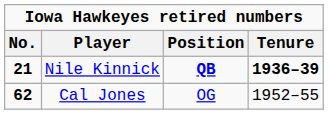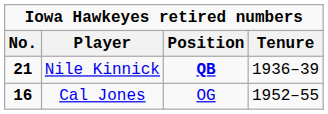 <table class="wikitable sortable" style="text-align:center">
 <tr>
 <td colspan="4"><strong>Iowa Hawkeyes retired numbers</strong></td>
 </tr>
 <tr>
 <th>No.</th>
 <th>Player</th>
 <th>Position</th>
 <th>Tenure</th>
 </tr>
 <tr>
 <td><strong>21</strong></td>
 <td><a href='#'>Nile Kinnick</a></td>
 <td><strong><a href='#'>QB</a></strong></td>
-<td><strong>1936–39</strong></td>
+<td>1936–39</td>
 </tr>
 <tr>
-<td><strong>62</strong></td>
+<td><strong>16</strong></td>
 <td><a href='#'>Cal Jones</a></td>
 <td><a href='#'>OG</a></td>
 <td>1952–55</td>
 </tr>
 </table>
